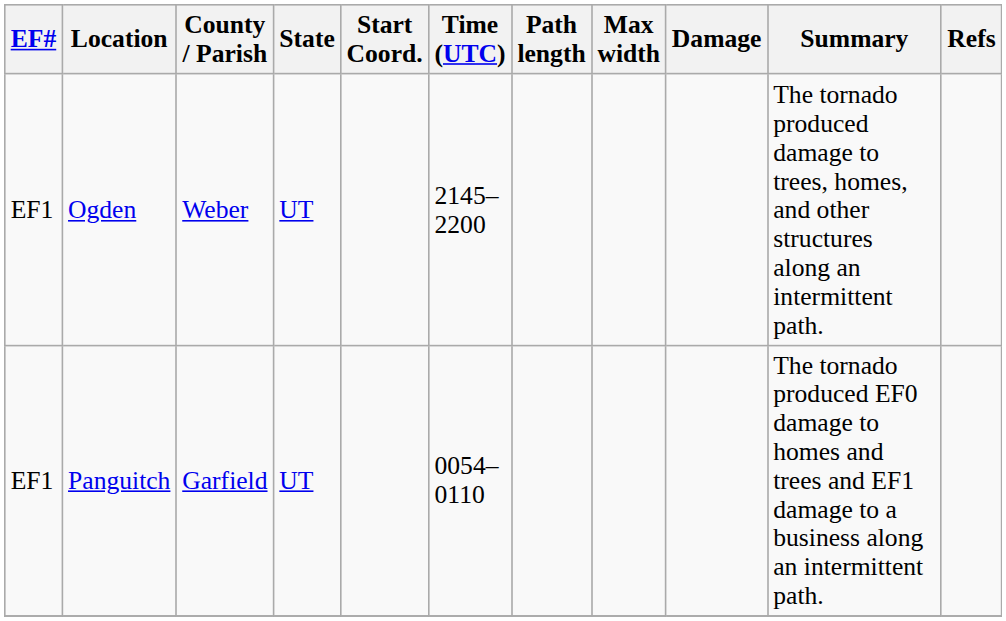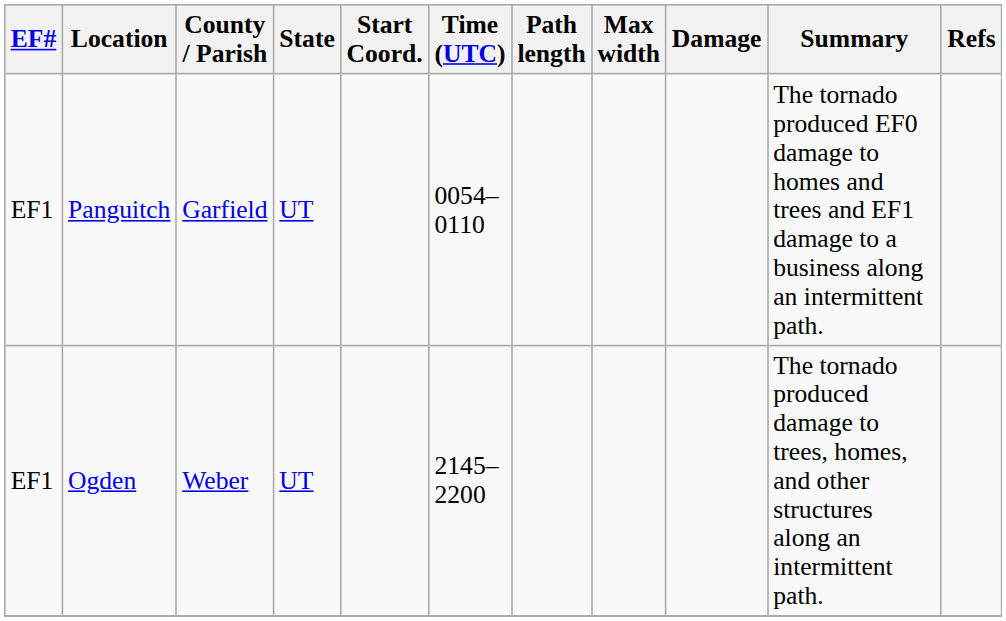 <table class="wikitable sortable" style="width:100%;">
 <tr>
 <th scope="col"  style="width:3%; text-align:center;"><a href='#'>EF#</a></th>
 <th scope="col"  style="width:7%; text-align:center;" class="unsortable">Location</th>
 <th scope="col"  style="width:6%; text-align:center;" class="unsortable">County / Parish</th>
 <th scope="col"  style="width:5%; text-align:center;">State</th>
 <th scope="col"  style="width:6%; text-align:center;">Start Coord.</th>
 <th scope="col"  style="width:6%; text-align:center;">Time (<a href='#'>UTC</a>)</th>
 <th scope="col"  style="width:6%; text-align:center;">Path length</th>
 <th scope="col"  style="width:6%; text-align:center;">Max width</th>
 <th scope="col"  style="width:6%; text-align:center;">Damage</th>
 <th scope="col" class="unsortable" style="width:48%; text-align:center;">Summary</th>
 <th scope="col" class="unsortable" style="width:48%; text-align:center;">Refs</th>
 </tr>
 <tr>
 <td>EF1</td>
+<td><a href='#'>Panguitch</a></td>
+<td><a href='#'>Garfield</a></td>
+<td><a href='#'>UT</a></td>
+<td></td>
+<td>0054–0110</td>
+<td></td>
+<td></td>
+<td></td>
+<td>The tornado produced EF0 damage to homes and trees and EF1 damage to a business along an intermittent path.</td>
+<td></td>
+</tr>
+<tr>
+<td>EF1</td>
 <td><a href='#'>Ogden</a></td>
 <td><a href='#'>Weber</a></td>
 <td><a href='#'>UT</a></td>
 <td></td>
 <td>2145–2200</td>
 <td></td>
 <td></td>
 <td></td>
 <td>The tornado produced damage to trees, homes, and other structures along an intermittent path.</td>
 <td></td>
 </tr>
 <tr>
-<td>EF1</td>
-<td><a href='#'>Panguitch</a></td>
-<td><a href='#'>Garfield</a></td>
-<td><a href='#'>UT</a></td>
-<td></td>
-<td>0054–0110</td>
-<td></td>
-<td></td>
-<td></td>
-<td>The tornado produced EF0 damage to homes and trees and EF1 damage to a business along an intermittent path.</td>
-<td></td>
-</tr>
-<tr>
 </tr>
 </table>
